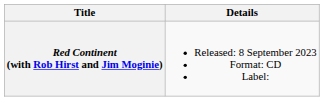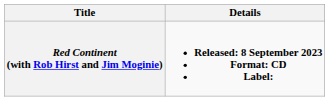 <table class="wikitable plainrowheaders" style="text-align:center;" border="1">
 <tr>
 <th>Title</th>
 <th>Details</th>
 </tr>
 <tr>
 <th scope="row"><em>Red Continent</em> <br>(with <a href='#'>Rob Hirst</a> and <a href='#'>Jim Moginie</a>)</th>
-<td><br><ul><li>Released: 8 September 2023</li><li>Format: CD</li><li>Label:</li></ul></td>
+<td><strong><br><ul><li>Released: 8 September 2023</li><li>Format: CD</li><li>Label:</li></ul></strong></td>
 </tr>
 </table>
